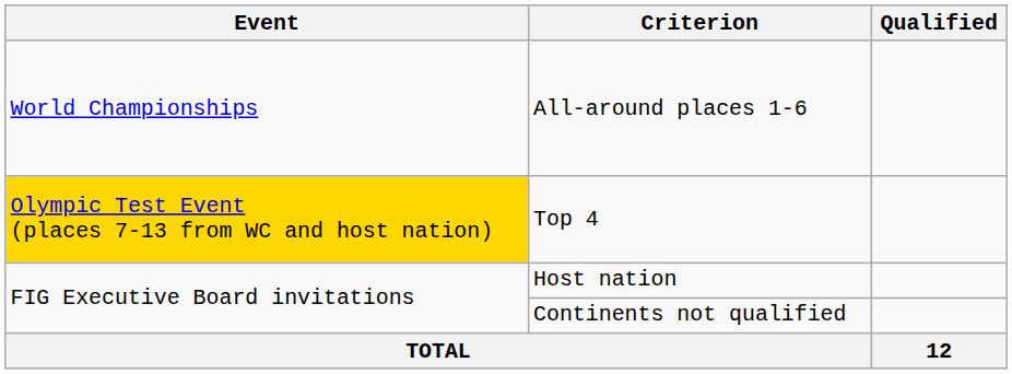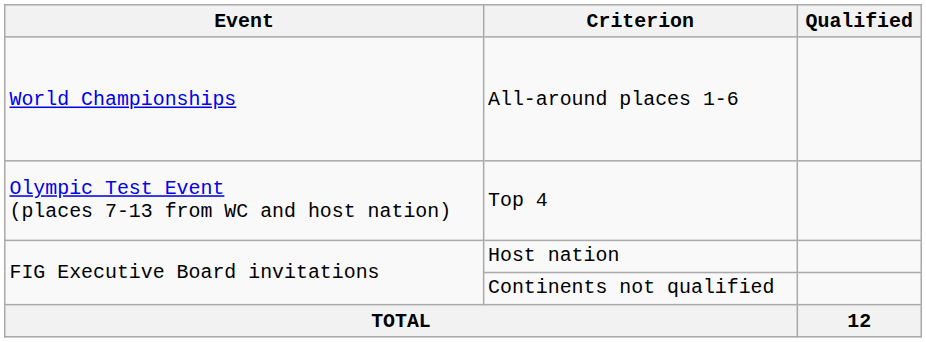 <table class="wikitable" style="width:600px;">
 <tr>
 <th>Event</th>
 <th>Criterion</th>
 <th>Qualified</th>
 </tr>
 <tr>
 <td><a href='#'>World Championships</a></td>
 <td>All-around places 1-6</td>
 <td nowrap> <br>  <br>  <br>  <br>  <br> </td>
 </tr>
 <tr>
-<td style="background: gold;"><a href='#'>Olympic Test Event</a><br>(places 7-13 from WC and host nation)</td>
+<td><a href='#'>Olympic Test Event</a><br>(places 7-13 from WC and host nation)</td>
 <td>Top 4</td>
 <td nowrap> <br>  <br>  <br> </td>
 </tr>
 <tr>
 <td rowspan=2>FIG Executive Board invitations</td>
 <td>Host nation</td>
 <td nowrap></td>
 </tr>
 <tr>
 <td>Continents not qualified</td>
 <td></td>
 </tr>
 <tr>
 <th colspan="2">TOTAL</th>
 <th>12</th>
 </tr>
 </table>
